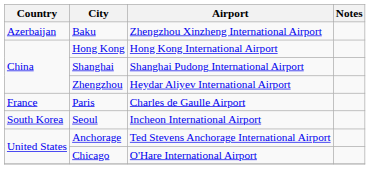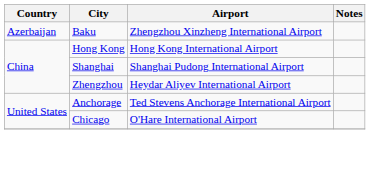 <table class="sortable wikitable">
 <tr>
 <th>Country</th>
 <th>City</th>
 <th>Airport</th>
 <th>Notes</th>
 </tr>
 <tr>
 <td><a href='#'>Azerbaijan</a></td>
 <td><a href='#'>Baku</a></td>
 <td><a href='#'>Zhengzhou Xinzheng International Airport</a></td>
 <td align=center></td>
 </tr>
 <tr>
 <td rowspan="3"><a href='#'>China</a></td>
 <td><a href='#'>Hong Kong</a></td>
 <td><a href='#'>Hong Kong International Airport</a></td>
 <td></td>
 </tr>
 <tr>
 <td><a href='#'>Shanghai</a></td>
 <td><a href='#'>Shanghai Pudong International Airport</a></td>
 <td align=center></td>
 </tr>
 <tr>
 <td><a href='#'>Zhengzhou</a></td>
 <td><a href='#'>Heydar Aliyev International Airport</a></td>
 <td align=center></td>
 </tr>
 <tr>
-<td><a href='#'>France</a></td>
-<td><a href='#'>Paris</a></td>
-<td><a href='#'>Charles de Gaulle Airport</a></td>
-<td></td>
-</tr>
-<tr>
-<td><a href='#'>South Korea</a></td>
-<td><a href='#'>Seoul</a></td>
-<td><a href='#'>Incheon International Airport</a></td>
-<td align=center></td>
-</tr>
-<tr>
 <td rowspan="2"><a href='#'>United States</a></td>
 <td><a href='#'>Anchorage</a></td>
 <td><a href='#'>Ted Stevens Anchorage International Airport</a></td>
 <td align=center></td>
 </tr>
 <tr>
 <td><a href='#'>Chicago</a></td>
 <td><a href='#'>O'Hare International Airport</a></td>
 <td align=center></td>
 </tr>
 <tr>
 </tr>
 </table>
